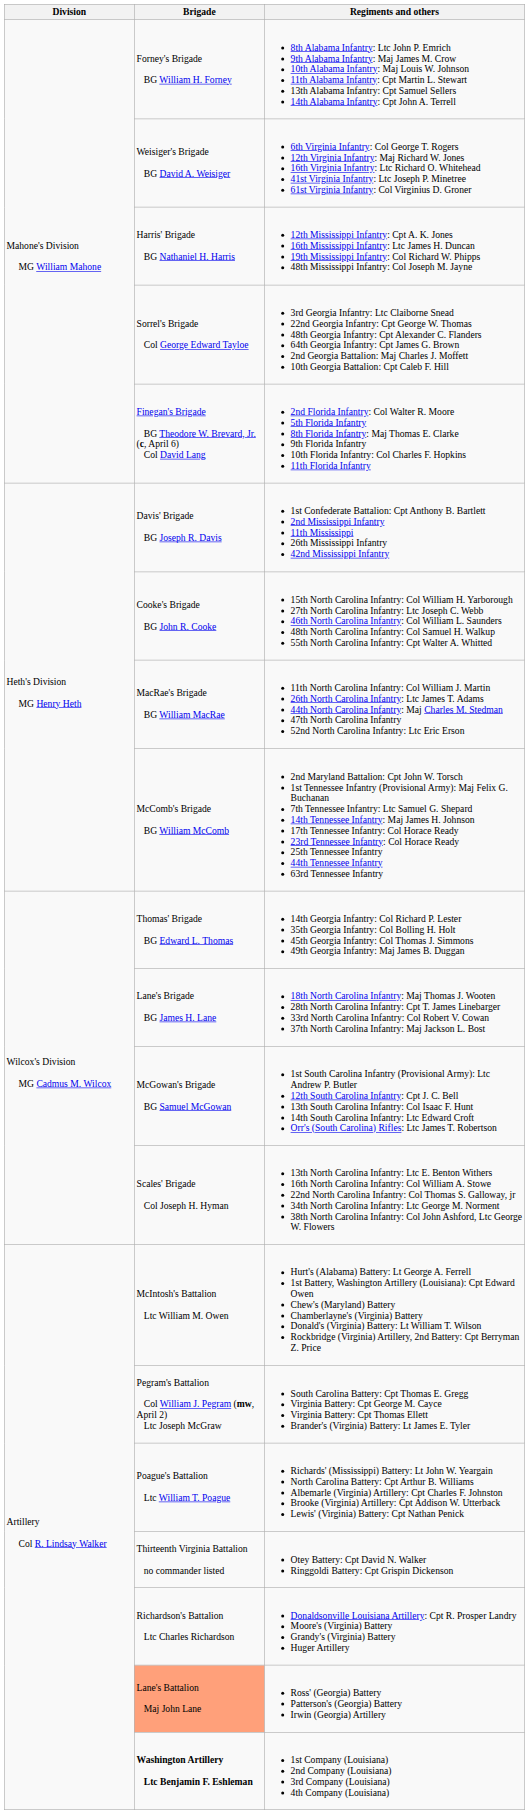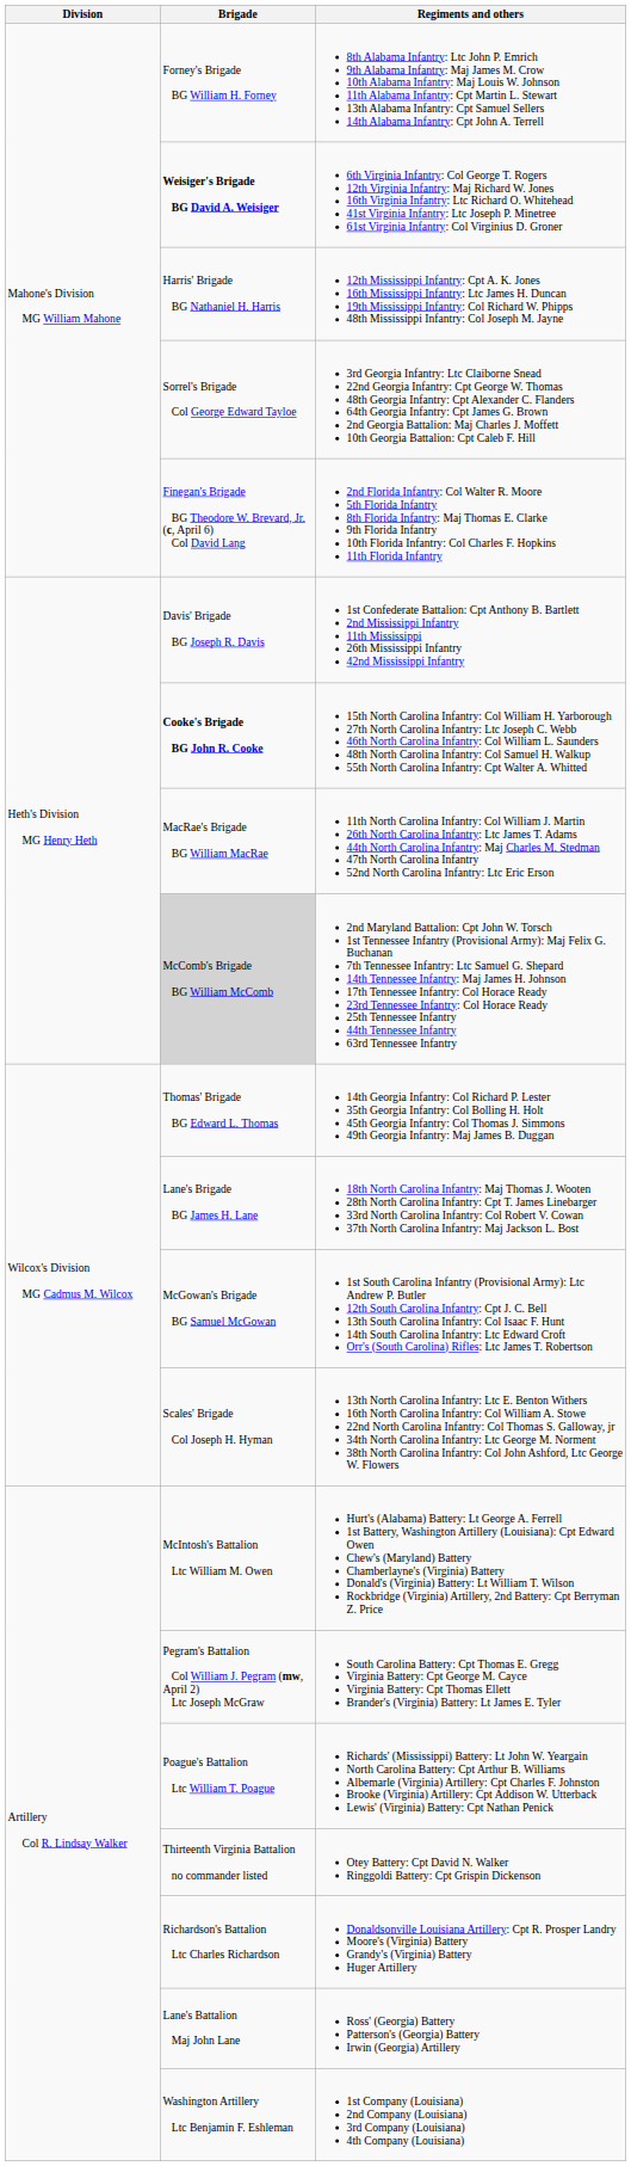 <table class="wikitable">
 <tr>
 <th style="width:25%;">Division</th>
 <th style="width:25%;">Brigade</th>
 <th>Regiments and others</th>
 </tr>
 <tr>
 <td rowspan=5><br>Mahone's Division<br><br>     MG <a href='#'>William Mahone</a></td>
 <td>Forney's Brigade<br><br>   BG <a href='#'>William H. Forney</a></td>
 <td><br><ul><li><a href='#'>8th Alabama Infantry</a>: Ltc John P. Emrich</li><li><a href='#'>9th Alabama Infantry</a>: Maj James M. Crow</li><li><a href='#'>10th Alabama Infantry</a>: Maj Louis W. Johnson</li><li><a href='#'>11th Alabama Infantry</a>: Cpt Martin L. Stewart</li><li>13th Alabama Infantry: Cpt Samuel Sellers</li><li><a href='#'>14th Alabama Infantry</a>: Cpt John A. Terrell</li></ul></td>
 </tr>
 <tr>
-<td>Weisiger's Brigade<br><br>   BG <a href='#'>David A. Weisiger</a></td>
+<td><strong>Weisiger's Brigade<br><br>   BG <a href='#'>David A. Weisiger</a></strong></td>
 <td><br><ul><li><a href='#'>6th Virginia Infantry</a>: Col George T. Rogers</li><li><a href='#'>12th Virginia Infantry</a>: Maj Richard W. Jones</li><li><a href='#'>16th Virginia Infantry</a>: Ltc Richard O. Whitehead</li><li><a href='#'>41st Virginia Infantry</a>: Ltc Joseph P. Minetree</li><li><a href='#'>61st Virginia Infantry</a>: Col Virginius D. Groner</li></ul></td>
 </tr>
 <tr>
 <td>Harris' Brigade<br><br>   BG <a href='#'>Nathaniel H. Harris</a></td>
 <td><br><ul><li><a href='#'>12th Mississippi Infantry</a>: Cpt A. K. Jones</li><li><a href='#'>16th Mississippi Infantry</a>: Ltc James H. Duncan</li><li><a href='#'>19th Mississippi Infantry</a>: Col Richard W. Phipps</li><li>48th Mississippi Infantry: Col Joseph M. Jayne</li></ul></td>
 </tr>
 <tr>
 <td>Sorrel's Brigade<br><br>   Col <a href='#'>George Edward Tayloe</a></td>
 <td><br><ul><li>3rd Georgia Infantry: Ltc Claiborne Snead</li><li>22nd Georgia Infantry: Cpt George W. Thomas</li><li>48th Georgia Infantry: Cpt Alexander C. Flanders</li><li>64th Georgia Infantry: Cpt James G. Brown</li><li>2nd Georgia Battalion: Maj Charles J. Moffett</li><li>10th Georgia Battalion: Cpt Caleb F. Hill</li></ul></td>
 </tr>
 <tr>
 <td><a href='#'>Finegan's Brigade</a><br><br>   BG <a href='#'>Theodore W. Brevard, Jr.</a> (<strong>c</strong>, April 6) <br>   Col <a href='#'>David Lang</a></td>
 <td><br><ul><li><a href='#'>2nd Florida Infantry</a>: Col Walter R. Moore</li><li><a href='#'>5th Florida Infantry</a></li><li><a href='#'>8th Florida Infantry</a>: Maj Thomas E. Clarke</li><li>9th Florida Infantry</li><li>10th Florida Infantry: Col Charles F. Hopkins</li><li><a href='#'>11th Florida Infantry</a></li></ul></td>
 </tr>
 <tr>
 <td rowspan=4><br>Heth's Division<br><br>     MG <a href='#'>Henry Heth</a></td>
 <td>Davis' Brigade<br><br>   BG <a href='#'>Joseph R. Davis</a></td>
 <td><br><ul><li>1st Confederate Battalion: Cpt Anthony B. Bartlett</li><li><a href='#'>2nd Mississippi Infantry</a></li><li><a href='#'>11th Mississippi</a></li><li>26th Mississippi Infantry</li><li><a href='#'>42nd Mississippi Infantry</a></li></ul></td>
 </tr>
 <tr>
-<td>Cooke's Brigade<br><br>   BG <a href='#'>John R. Cooke</a></td>
+<td><strong>Cooke's Brigade<br><br>   BG <a href='#'>John R. Cooke</a></strong></td>
 <td><br><ul><li>15th North Carolina Infantry: Col William H. Yarborough</li><li>27th North Carolina Infantry: Ltc Joseph C. Webb</li><li><a href='#'>46th North Carolina Infantry</a>: Col William L. Saunders</li><li>48th North Carolina Infantry: Col Samuel H. Walkup</li><li>55th North Carolina Infantry: Cpt Walter A. Whitted</li></ul></td>
 </tr>
 <tr>
 <td>MacRae's Brigade<br><br>   BG <a href='#'>William MacRae</a></td>
 <td><br><ul><li>11th North Carolina Infantry: Col William J. Martin</li><li><a href='#'>26th North Carolina Infantry</a>: Ltc James T. Adams</li><li><a href='#'>44th North Carolina Infantry</a>: Maj <a href='#'>Charles M. Stedman</a></li><li>47th North Carolina Infantry</li><li>52nd North Carolina Infantry: Ltc Eric Erson</li></ul></td>
 </tr>
 <tr>
-<td>McComb's Brigade<br><br>   BG <a href='#'>William McComb</a></td>
+<td style="background: lightgrey;">McComb's Brigade<br><br>   BG <a href='#'>William McComb</a></td>
 <td><br><ul><li>2nd Maryland Battalion: Cpt John W. Torsch</li><li>1st Tennessee Infantry (Provisional Army): Maj Felix G. Buchanan</li><li>7th Tennessee Infantry: Ltc Samuel G. Shepard</li><li><a href='#'>14th Tennessee Infantry</a>: Maj James H. Johnson</li><li>17th Tennessee Infantry: Col Horace Ready</li><li><a href='#'>23rd Tennessee Infantry</a>: Col Horace Ready</li><li>25th Tennessee Infantry</li><li><a href='#'>44th Tennessee Infantry</a></li><li>63rd Tennessee Infantry</li></ul></td>
 </tr>
 <tr>
 <td rowspan=4><br>Wilcox's Division<br><br>     MG <a href='#'>Cadmus M. Wilcox</a></td>
 <td>Thomas' Brigade<br><br>   BG <a href='#'>Edward L. Thomas</a></td>
 <td><br><ul><li>14th Georgia Infantry: Col Richard P. Lester</li><li>35th Georgia Infantry: Col Bolling H. Holt</li><li>45th Georgia Infantry: Col Thomas J. Simmons</li><li>49th Georgia Infantry: Maj James B. Duggan</li></ul></td>
 </tr>
 <tr>
 <td>Lane's Brigade<br><br>   BG <a href='#'>James H. Lane</a></td>
 <td><br><ul><li><a href='#'>18th North Carolina Infantry</a>: Maj Thomas J. Wooten</li><li>28th North Carolina Infantry: Cpt T. James Linebarger</li><li>33rd North Carolina Infantry: Col Robert V. Cowan</li><li>37th North Carolina Infantry: Maj Jackson L. Bost</li></ul></td>
 </tr>
 <tr>
 <td>McGowan's Brigade<br><br>   BG <a href='#'>Samuel McGowan</a></td>
 <td><br><ul><li>1st South Carolina Infantry (Provisional Army): Ltc Andrew P. Butler</li><li><a href='#'>12th South Carolina Infantry</a>: Cpt J. C. Bell</li><li>13th South Carolina Infantry: Col Isaac F. Hunt</li><li>14th South Carolina Infantry: Ltc Edward Croft</li><li><a href='#'>Orr's (South Carolina) Rifles</a>: Ltc James T. Robertson</li></ul></td>
 </tr>
 <tr>
 <td>Scales' Brigade<br><br>   Col Joseph H. Hyman</td>
 <td><br><ul><li>13th North Carolina Infantry: Ltc E. Benton Withers</li><li>16th North Carolina Infantry: Col William A. Stowe</li><li>22nd North Carolina Infantry: Col Thomas S. Galloway, jr</li><li>34th North Carolina Infantry: Ltc George M. Norment</li><li>38th North Carolina Infantry: Col John Ashford, Ltc George W. Flowers</li></ul></td>
 </tr>
 <tr>
 <td rowspan=7><br>Artillery<br><br>     Col <a href='#'>R. Lindsay Walker</a></td>
 <td>McIntosh's Battalion<br><br>   Ltc William M. Owen</td>
 <td><br><ul><li>Hurt's (Alabama) Battery: Lt George A. Ferrell</li><li>1st Battery, Washington Artillery (Louisiana): Cpt Edward Owen</li><li>Chew's (Maryland) Battery</li><li>Chamberlayne's (Virginia) Battery</li><li>Donald's (Virginia) Battery: Lt William T. Wilson</li><li>Rockbridge (Virginia) Artillery, 2nd Battery: Cpt Berryman Z. Price</li></ul></td>
 </tr>
 <tr>
 <td>Pegram's Battalion<br><br>   Col <a href='#'>William J. Pegram</a> (<strong>mw</strong>, April 2) <br>   Ltc Joseph McGraw</td>
 <td><br><ul><li>South Carolina Battery: Cpt Thomas E. Gregg</li><li>Virginia Battery: Cpt George M. Cayce</li><li>Virginia Battery: Cpt Thomas Ellett</li><li>Brander's (Virginia) Battery: Lt James E. Tyler</li></ul></td>
 </tr>
 <tr>
 <td>Poague's Battalion<br><br>   Ltc <a href='#'>William T. Poague</a></td>
 <td><br><ul><li>Richards' (Mississippi) Battery: Lt John W. Yeargain</li><li>North Carolina Battery: Cpt Arthur B. Williams</li><li>Albemarle (Virginia) Artillery: Cpt Charles F. Johnston</li><li>Brooke (Virginia) Artillery: Cpt Addison W. Utterback</li><li>Lewis' (Virginia) Battery: Cpt Nathan Penick</li></ul></td>
 </tr>
 <tr>
 <td>Thirteenth Virginia Battalion<br><br>   no commander listed</td>
 <td><br><ul><li>Otey Battery: Cpt David N. Walker</li><li>Ringgoldi Battery: Cpt Grispin Dickenson</li></ul></td>
 </tr>
 <tr>
 <td>Richardson's Battalion<br><br>   Ltc Charles Richardson</td>
 <td><br><ul><li><a href='#'>Donaldsonville Louisiana Artillery</a>: Cpt R. Prosper Landry</li><li>Moore's (Virginia) Battery</li><li>Grandy's (Virginia) Battery</li><li>Huger Artillery</li></ul></td>
 </tr>
 <tr>
-<td style="background: lightsalmon;">Lane's Battalion<br><br>   Maj John Lane</td>
+<td>Lane's Battalion<br><br>   Maj John Lane</td>
 <td><br><ul><li>Ross' (Georgia) Battery</li><li>Patterson's (Georgia) Battery</li><li>Irwin (Georgia) Artillery</li></ul></td>
 </tr>
 <tr>
-<td><strong>Washington Artillery<br><br>   Ltc Benjamin F. Eshleman</strong></td>
+<td>Washington Artillery<br><br>   Ltc Benjamin F. Eshleman</td>
 <td><br><ul><li>1st Company (Louisiana)</li><li>2nd Company (Louisiana)</li><li>3rd Company (Louisiana)</li><li>4th Company (Louisiana)</li></ul></td>
 </tr>
 </table>
